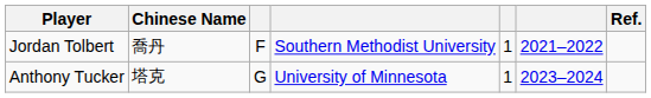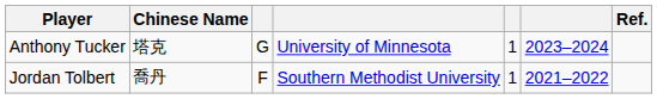 <table class="wikitable sortable" style="font-size:95%; text-align:left;">
 <tr>
 <th>Player</th>
 <th>Chinese Name</th>
 <th></th>
 <th></th>
 <th></th>
 <th></th>
 <th>Ref.</th>
 </tr>
 <tr>
+<td>Anthony Tucker</td>
+<td>塔克</td>
+<td align="center">G</td>
+<td><a href='#'>University of Minnesota</a></td>
+<td align="center">1</td>
+<td align="center"><a href='#'>2023–2024</a></td>
+<td></td>
+</tr>
+<tr>
 <td>Jordan Tolbert</td>
 <td>喬丹</td>
 <td align="center">F</td>
 <td><a href='#'>Southern Methodist University</a></td>
 <td align="center">1</td>
 <td align="center"><a href='#'>2021–2022</a></td>
 <td></td>
 </tr>
-<tr>
-<td>Anthony Tucker</td>
-<td>塔克</td>
-<td align="center">G</td>
-<td><a href='#'>University of Minnesota</a></td>
-<td align="center">1</td>
-<td align="center"><a href='#'>2023–2024</a></td>
-<td></td>
-</tr>
 </table>
